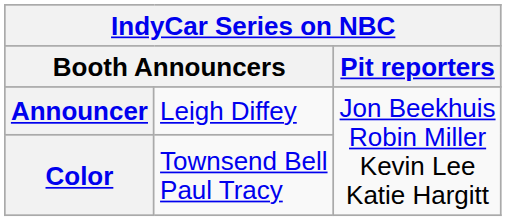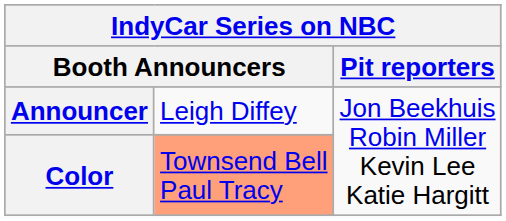 <table class="wikitable" style="font-size: 95%;">
 <tr>
 <th colspan=3><a href='#'>IndyCar Series on NBC</a></th>
 </tr>
 <tr>
 <th colspan=2>Booth Announcers</th>
 <th><a href='#'>Pit reporters</a></th>
 </tr>
 <tr>
 <th><a href='#'>Announcer</a></th>
 <td><a href='#'>Leigh Diffey</a></td>
 <td align="center" rowspan=2 valign="top"><a href='#'>Jon Beekhuis</a><br><a href='#'>Robin Miller</a><br>Kevin Lee<br>Katie Hargitt</td>
 </tr>
 <tr>
 <th><a href='#'>Color</a></th>
-<td><a href='#'>Townsend Bell</a><br><a href='#'>Paul Tracy</a></td>
+<td style="background: lightsalmon;"><a href='#'>Townsend Bell</a><br><a href='#'>Paul Tracy</a></td>
 </tr>
 </table>
